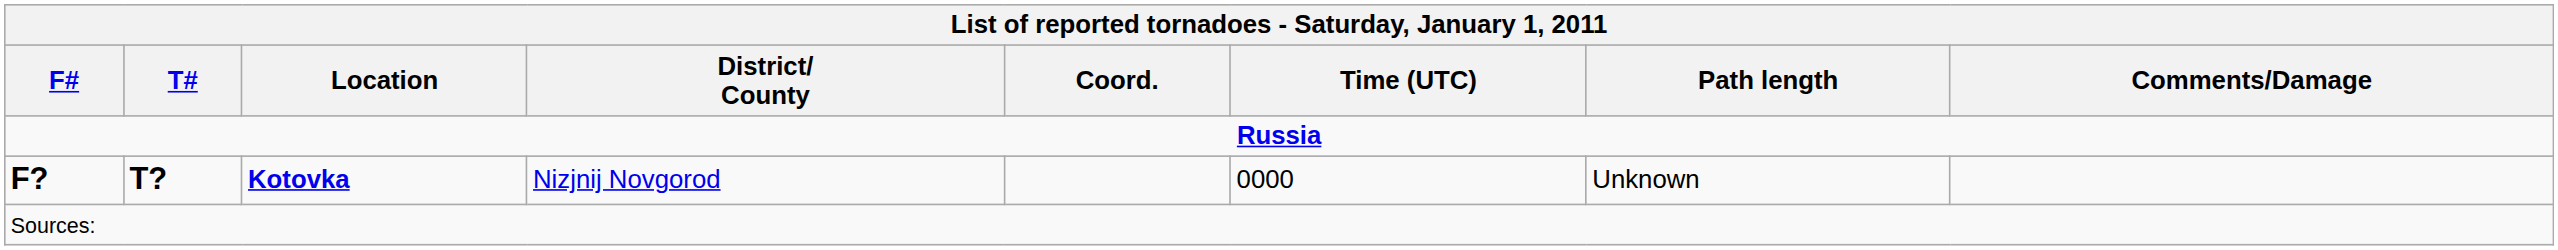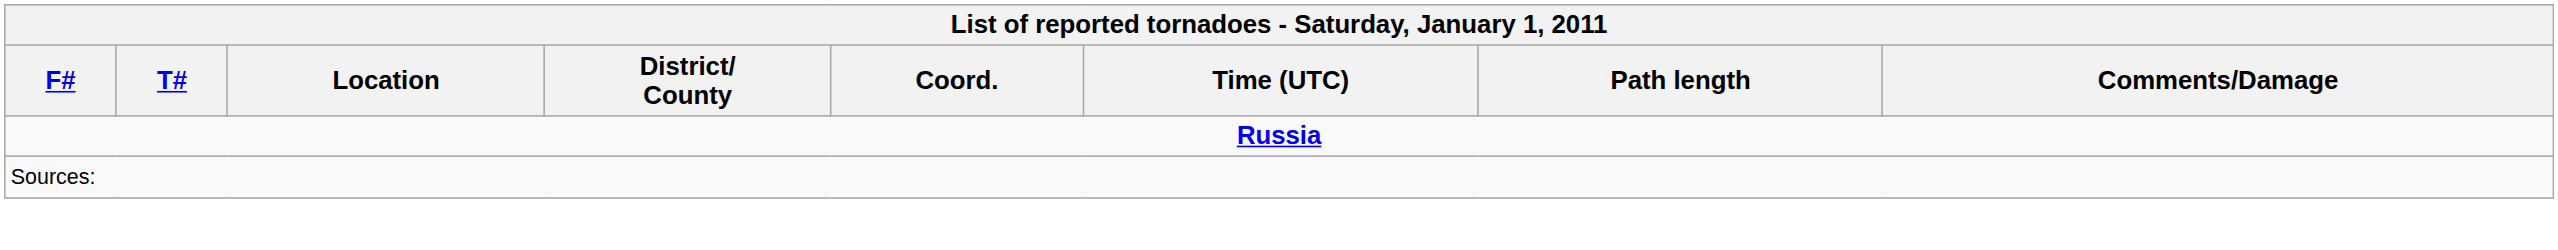 <table class="wikitable collapsible" width="100%">
 <tr>
 <th colspan="8">List of reported tornadoes - Saturday, January 1, 2011</th>
 </tr>
 <tr>
 <th><a href='#'>F#</a></th>
 <th><a href='#'>T#</a></th>
 <th>Location</th>
 <th>District/<br>County</th>
 <th>Coord.</th>
 <th>Time (UTC)</th>
 <th>Path length</th>
 <th>Comments/Damage</th>
 </tr>
 <tr>
 <td colspan="8" align=center><strong><a href='#'>Russia</a></strong></td>
 </tr>
 <tr>
-<td><big><strong>F?</strong></big></td>
-<td><big><strong>T?</strong></big></td>
-<td><strong><a href='#'>Kotovka</a></strong></td>
-<td><a href='#'>Nizjnij Novgorod</a></td>
-<td></td>
-<td>0000</td>
-<td>Unknown</td>
-<td></td>
-</tr>
-<tr>
 <td colspan="8"><small>Sources:  </small></td>
 </tr>
 </table>
